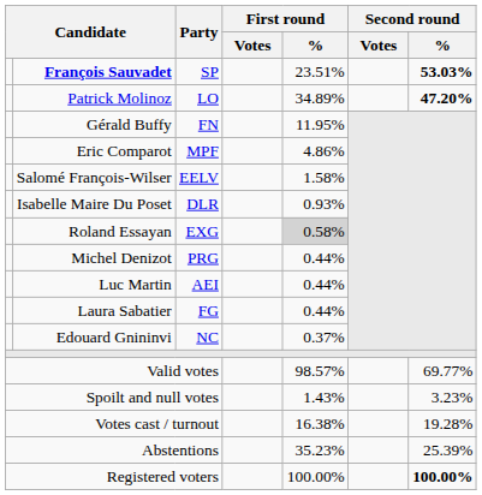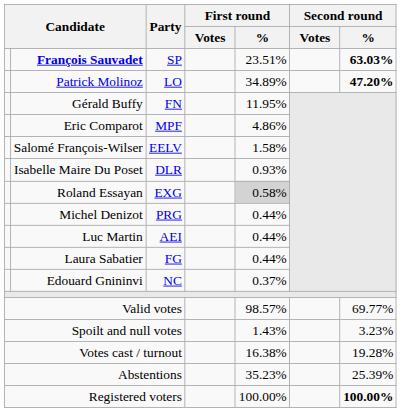 <table class="wikitable" style="text-align:right;font-size:95%;">
 <tr>
 <th rowspan=2 colspan=2>Candidate</th>
 <th rowspan=2 colspan=1>Party</th>
 <th colspan=2>First round</th>
 <th colspan=2>Second round</th>
 </tr>
 <tr>
 <th style="width:50px;">Votes</th>
 <th style="width:55px;">%</th>
 <th style="width:50px;">Votes</th>
 <th style="width:55px;">%</th>
 </tr>
 <tr>
 <td style="color:inherit;background-color:"></td>
 <td><strong><a href='#'>François Sauvadet</a></strong></td>
 <td><a href='#'>SP</a></td>
 <td></td>
 <td>23.51%</td>
 <td><strong></strong></td>
-<td><strong>53.03%</strong></td>
+<td><strong>63.03%</strong></td>
 </tr>
 <tr>
 <td style="color:inherit;background-color:"></td>
 <td><a href='#'>Patrick Molinoz</a></td>
 <td><a href='#'>LO</a></td>
 <td></td>
 <td>34.89%</td>
 <td></td>
 <td><strong>47.20%</strong></td>
 </tr>
 <tr>
 <td style="color:inherit;background-color:"></td>
 <td>Gérald Buffy</td>
 <td><a href='#'>FN</a></td>
 <td></td>
 <td>11.95%</td>
 <td colspan=7 rowspan=9 style="background-color:#E9E9E9;"></td>
 </tr>
 <tr>
 <td style="color:inherit;background-color:"></td>
 <td>Eric Comparot</td>
 <td><a href='#'>MPF</a></td>
 <td></td>
 <td>4.86%</td>
 </tr>
 <tr>
 <td style="color:inherit;background-color:"></td>
 <td>Salomé François-Wilser</td>
 <td><a href='#'>EELV</a></td>
 <td></td>
 <td>1.58%</td>
 </tr>
 <tr>
 <td style="color:inherit;background-color:"></td>
 <td>Isabelle Maire Du Poset</td>
 <td><a href='#'>DLR</a></td>
 <td></td>
 <td>0.93%</td>
 </tr>
 <tr>
 <td style="color:inherit;background-color:"></td>
 <td>Roland Essayan</td>
 <td><a href='#'>EXG</a></td>
 <td></td>
 <td style="background: lightgrey;">0.58%</td>
 </tr>
 <tr>
 <td style="color:inherit;background-color:"></td>
 <td>Michel Denizot</td>
 <td><a href='#'>PRG</a></td>
 <td></td>
 <td>0.44%</td>
 </tr>
 <tr>
 <td style="color:inherit;background:"></td>
 <td>Luc Martin</td>
 <td><a href='#'>AEI</a></td>
 <td></td>
 <td>0.44%</td>
 </tr>
 <tr>
 <td style="color:inherit;background-color:"></td>
 <td>Laura Sabatier</td>
 <td><a href='#'>FG</a></td>
 <td></td>
 <td>0.44%</td>
 </tr>
 <tr>
 <td style="color:inherit;background-color:"></td>
 <td>Edouard Gnininvi</td>
 <td><a href='#'>NC</a></td>
 <td></td>
 <td>0.37%</td>
 </tr>
 <tr>
 <td colspan=7 style="background-color:#E9E9E9;"></td>
 </tr>
 <tr>
 <td colspan=3>Valid votes</td>
 <td></td>
 <td>98.57%</td>
 <td></td>
 <td>69.77%</td>
 </tr>
 <tr>
 <td colspan=3>Spoilt and null votes</td>
 <td></td>
 <td>1.43%</td>
 <td></td>
 <td>3.23%</td>
 </tr>
 <tr>
 <td colspan=3>Votes cast / turnout</td>
 <td></td>
 <td>16.38%</td>
 <td></td>
 <td>19.28%</td>
 </tr>
 <tr>
 <td colspan=3>Abstentions</td>
 <td></td>
 <td>35.23%</td>
 <td></td>
 <td>25.39%</td>
 </tr>
 <tr>
 <td colspan=3>Registered voters</td>
 <td></td>
 <td>100.00%</td>
 <td></td>
 <td><strong>100.00%</strong></td>
 </tr>
 </table>
